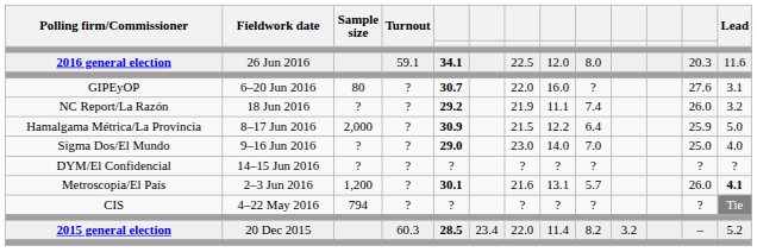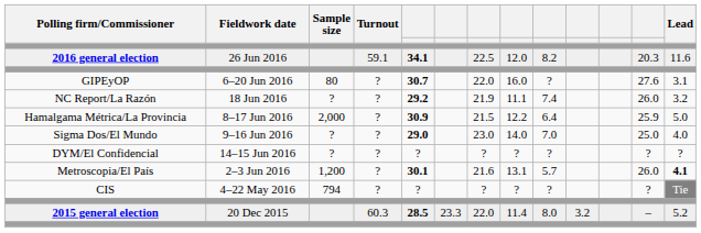 <table class="wikitable collapsible collapsed" style="text-align:center; font-size:95%; line-height:16px;">
 <tr style="height:42px; background-color:#E9E9E9">
 <th style="width:250px;" rowspan="2">Polling firm/Commissioner</th>
 <th style="width:125px;" rowspan="2">Fieldwork date</th>
 <th style="width:50px;" rowspan="2">Sample size</th>
 <th style="width:45px;" rowspan="2">Turnout</th>
 <th style="width:35px;"></th>
 <th style="width:35px;"></th>
 <th style="width:35px;"></th>
 <th style="width:35px;"></th>
 <th style="width:35px;"></th>
 <th style="width:35px;"></th>
 <th style="width:35px;"></th>
 <th style="width:35px;"></th>
 <th style="width:30px;" rowspan="2">Lead</th>
 </tr>
 <tr>
 <th style="color:inherit;background:"></th>
 <th style="color:inherit;background:"></th>
 <th style="color:inherit;background:"></th>
 <th style="color:inherit;background:"></th>
 <th style="color:inherit;background:"></th>
 <th style="color:inherit;background:"></th>
 <th style="color:inherit;background:"></th>
 <th style="color:inherit;background:"></th>
 </tr>
 <tr>
 <td colspan="13" style="background:#A0A0A0"></td>
 </tr>
 <tr style="background:#EFEFEF;">
 <td><strong><a href='#'>2016 general election</a></strong></td>
 <td>26 Jun 2016</td>
 <td></td>
 <td>59.1</td>
 <td><strong>34.1</strong><br></td>
 <td></td>
 <td>22.5<br></td>
 <td>12.0<br></td>
-<td>8.0<br></td>
+<td>8.2<br></td>
 <td></td>
 <td></td>
 <td>20.3<br></td>
 <td style="background:">11.6</td>
 </tr>
 <tr>
 <td colspan="13" style="background:#A0A0A0"></td>
 </tr>
 <tr>
 <td>GIPEyOP</td>
 <td>6–20 Jun 2016</td>
 <td>80</td>
 <td>?</td>
 <td><strong>30.7</strong><br></td>
 <td></td>
 <td>22.0<br></td>
 <td>16.0<br></td>
 <td>?<br></td>
 <td></td>
 <td></td>
 <td>27.6<br></td>
 <td style="background:">3.1</td>
 </tr>
 <tr>
 <td>NC Report/La Razón</td>
 <td>18 Jun 2016</td>
 <td>?</td>
 <td>?</td>
 <td><strong>29.2</strong><br></td>
 <td></td>
 <td>21.9<br></td>
 <td>11.1<br></td>
 <td>7.4<br></td>
 <td></td>
 <td></td>
 <td>26.0<br></td>
 <td style="background:">3.2</td>
 </tr>
 <tr>
 <td>Hamalgama Métrica/La Provincia</td>
 <td>8–17 Jun 2016</td>
 <td>2,000</td>
 <td>?</td>
 <td><strong>30.9</strong><br></td>
 <td></td>
 <td>21.5<br></td>
 <td>12.2<br></td>
 <td>6.4<br></td>
 <td></td>
 <td></td>
 <td>25.9<br></td>
 <td style="background:">5.0</td>
 </tr>
 <tr>
 <td>Sigma Dos/El Mundo</td>
 <td>9–16 Jun 2016</td>
 <td>?</td>
 <td>?</td>
 <td><strong>29.0</strong><br></td>
 <td></td>
 <td>23.0<br></td>
 <td>14.0<br></td>
 <td>7.0<br></td>
 <td></td>
 <td></td>
 <td>25.0<br></td>
 <td style="background:">4.0</td>
 </tr>
 <tr>
 <td>DYM/El Confidencial</td>
 <td>14–15 Jun 2016</td>
 <td>?</td>
 <td>?</td>
 <td>?<br></td>
 <td></td>
 <td>?<br></td>
 <td>?<br></td>
 <td>?<br></td>
 <td></td>
 <td></td>
 <td>?<br></td>
 <td style="background:">?</td>
 </tr>
 <tr>
 <td>Metroscopia/El País</td>
 <td>2–3 Jun 2016</td>
 <td>1,200</td>
 <td>?</td>
 <td><strong>30.1</strong><br></td>
 <td></td>
 <td>21.6<br></td>
 <td>13.1<br></td>
 <td>5.7<br></td>
 <td></td>
 <td></td>
 <td>26.0<br></td>
 <td style="background:"><strong>4.1</strong></td>
 </tr>
 <tr>
 <td>CIS</td>
 <td>4–22 May 2016</td>
 <td>794</td>
 <td>?</td>
 <td>?<br></td>
 <td></td>
 <td>?<br></td>
 <td>?<br></td>
 <td>?<br></td>
 <td></td>
 <td></td>
 <td>?<br></td>
 <td style="background:gray;color:white;">Tie</td>
 </tr>
 <tr>
 <td colspan="13" style="background:#A0A0A0"></td>
 </tr>
 <tr style="background:#EFEFEF;">
 <td><strong><a href='#'>2015 general election</a></strong></td>
 <td>20 Dec 2015</td>
 <td></td>
 <td>60.3</td>
 <td><strong>28.5</strong><br></td>
-<td>23.4<br></td>
+<td>23.3<br></td>
 <td>22.0<br></td>
 <td>11.4<br></td>
-<td>8.2<br></td>
+<td>8.0<br></td>
 <td>3.2<br></td>
 <td></td>
 <td>–</td>
 <td style="background:">5.2</td>
 </tr>
 <tr>
 <td colspan="13" style="background:#A0A0A0"></td>
 </tr>
 </table>
